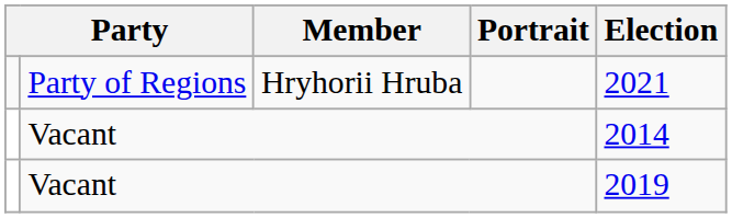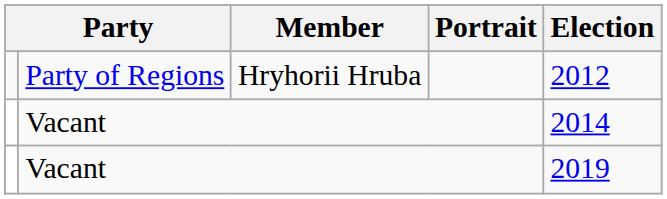 <table class="wikitable">
 <tr>
 <th colspan="2">Party</th>
 <th>Member</th>
 <th>Portrait</th>
 <th>Election</th>
 </tr>
 <tr>
 <td style="background-color: "></td>
 <td><a href='#'>Party of Regions</a></td>
 <td>Hryhorii Hruba</td>
 <td></td>
-<td><a href='#'>2021</a></td>
+<td><a href='#'>2012</a></td>
 </tr>
 <tr>
 <td style="background-color: white"></td>
 <td colspan="3">Vacant</td>
 <td><a href='#'>2014</a></td>
 </tr>
 <tr>
 <td style="background-color: white"></td>
 <td colspan="3">Vacant</td>
 <td><a href='#'>2019</a></td>
 </tr>
 </table>
